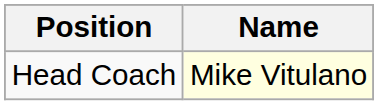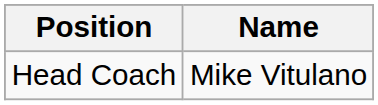 <table class="wikitable">
 <tr>
 <th>Position</th>
 <th>Name</th>
 </tr>
 <tr>
 <td>Head Coach</td>
-<td style="background: lightyellow;"> Mike Vitulano</td>
+<td> Mike Vitulano</td>
 </tr>
 </table>
